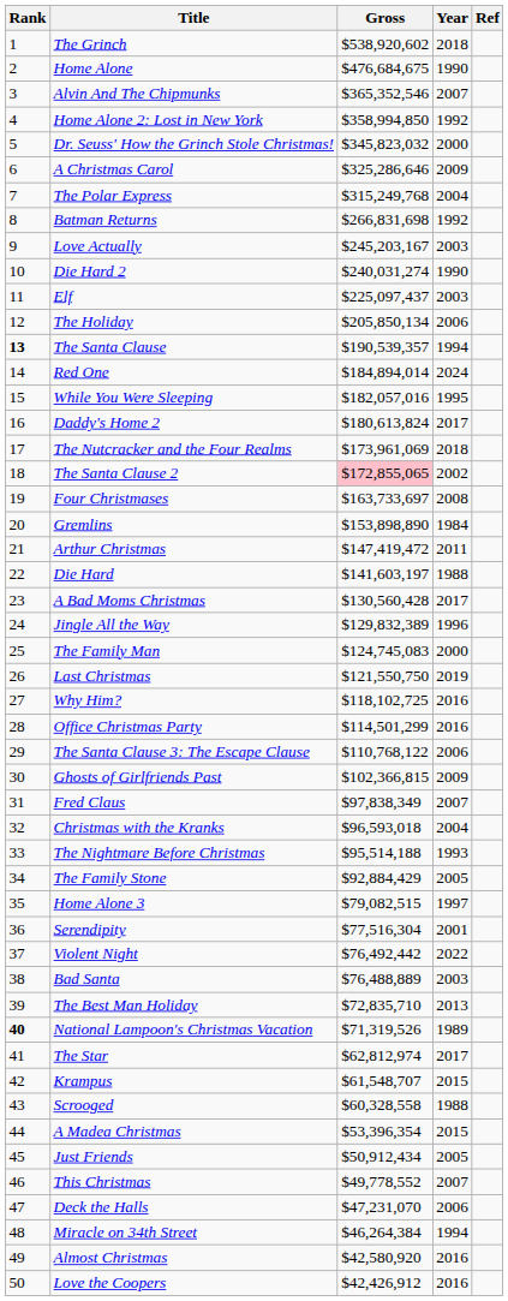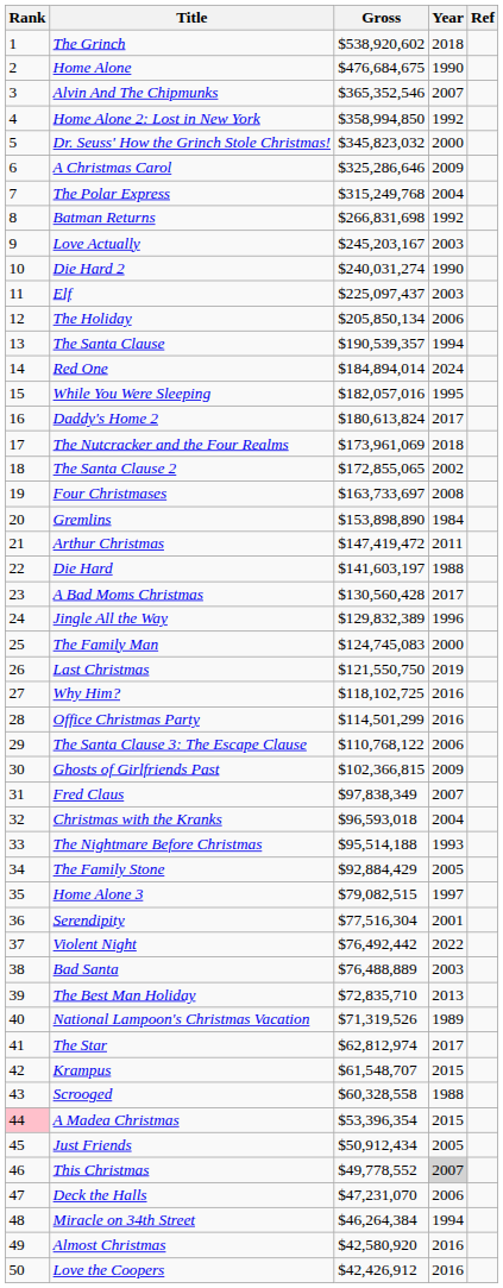 <table class="wikitable sortable">
 <tr>
 <th>Rank</th>
 <th>Title</th>
 <th>Gross</th>
 <th>Year</th>
 <th>Ref</th>
 </tr>
 <tr>
 <td>1</td>
 <td><em><a href='#'>The Grinch</a></em></td>
 <td>$538,920,602</td>
 <td>2018</td>
 <td></td>
 </tr>
 <tr>
 <td>2</td>
 <td><em><a href='#'>Home Alone</a></em></td>
 <td>$476,684,675</td>
 <td>1990</td>
 <td></td>
 </tr>
 <tr>
 <td>3</td>
 <td><em><a href='#'>Alvin And The Chipmunks</a></em></td>
 <td>$365,352,546</td>
 <td>2007</td>
 <td></td>
 </tr>
 <tr>
 <td>4</td>
 <td><em><a href='#'>Home Alone 2: Lost in New York</a></em></td>
 <td>$358,994,850</td>
 <td>1992</td>
 <td></td>
 </tr>
 <tr>
 <td>5</td>
 <td><em><a href='#'>Dr. Seuss' How the Grinch Stole Christmas!</a></em></td>
 <td>$345,823,032</td>
 <td>2000</td>
 <td></td>
 </tr>
 <tr>
 <td>6</td>
 <td><em><a href='#'>A Christmas Carol</a></em></td>
 <td>$325,286,646</td>
 <td>2009</td>
 <td></td>
 </tr>
 <tr>
 <td>7</td>
 <td><em><a href='#'>The Polar Express</a></em></td>
 <td>$315,249,768</td>
 <td>2004</td>
 <td></td>
 </tr>
 <tr>
 <td>8</td>
 <td><em><a href='#'>Batman Returns</a></em></td>
 <td>$266,831,698</td>
 <td>1992</td>
 <td></td>
 </tr>
 <tr>
 <td>9</td>
 <td><em><a href='#'>Love Actually</a></em></td>
 <td>$245,203,167</td>
 <td>2003</td>
 <td></td>
 </tr>
 <tr>
 <td>10</td>
 <td><em><a href='#'>Die Hard 2</a></em></td>
 <td>$240,031,274</td>
 <td>1990</td>
 <td></td>
 </tr>
 <tr>
 <td>11</td>
 <td><em><a href='#'>Elf</a></em></td>
 <td>$225,097,437</td>
 <td>2003</td>
 <td></td>
 </tr>
 <tr>
 <td>12</td>
 <td><em><a href='#'>The Holiday</a></em></td>
 <td>$205,850,134</td>
 <td>2006</td>
 <td></td>
 </tr>
 <tr>
-<td><strong>13</strong></td>
+<td>13</td>
 <td><em><a href='#'>The Santa Clause</a></em></td>
 <td>$190,539,357</td>
 <td>1994</td>
 <td></td>
 </tr>
 <tr>
 <td>14</td>
 <td><em><a href='#'>Red One</a></em></td>
 <td>$184,894,014</td>
 <td>2024</td>
 <td></td>
 </tr>
 <tr>
 <td>15</td>
 <td><em><a href='#'>While You Were Sleeping</a></em></td>
 <td>$182,057,016</td>
 <td>1995</td>
 <td></td>
 </tr>
 <tr>
 <td>16</td>
 <td><em><a href='#'>Daddy's Home 2</a></em></td>
 <td>$180,613,824</td>
 <td>2017</td>
 <td></td>
 </tr>
 <tr>
 <td>17</td>
 <td><em><a href='#'>The Nutcracker and the Four Realms</a></em></td>
 <td>$173,961,069</td>
 <td>2018</td>
 <td></td>
 </tr>
 <tr>
 <td>18</td>
 <td><em><a href='#'>The Santa Clause 2</a></em></td>
-<td style="background: pink;">$172,855,065</td>
+<td>$172,855,065</td>
 <td>2002</td>
 <td></td>
 </tr>
 <tr>
 <td>19</td>
 <td><em><a href='#'>Four Christmases</a></em></td>
 <td>$163,733,697</td>
 <td>2008</td>
 <td></td>
 </tr>
 <tr>
 <td>20</td>
 <td><em><a href='#'>Gremlins</a></em></td>
 <td>$153,898,890</td>
 <td>1984</td>
 <td></td>
 </tr>
 <tr>
 <td>21</td>
 <td><em><a href='#'>Arthur Christmas</a></em></td>
 <td>$147,419,472</td>
 <td>2011</td>
 <td></td>
 </tr>
 <tr>
 <td>22</td>
 <td><em><a href='#'>Die Hard</a></em></td>
 <td>$141,603,197</td>
 <td>1988</td>
 <td></td>
 </tr>
 <tr>
 <td>23</td>
 <td><em><a href='#'>A Bad Moms Christmas</a></em></td>
 <td>$130,560,428</td>
 <td>2017</td>
 <td></td>
 </tr>
 <tr>
 <td>24</td>
 <td><em><a href='#'>Jingle All the Way</a></em></td>
 <td>$129,832,389</td>
 <td>1996</td>
 <td></td>
 </tr>
 <tr>
 <td>25</td>
 <td><em><a href='#'>The Family Man</a></em></td>
 <td>$124,745,083</td>
 <td>2000</td>
 <td></td>
 </tr>
 <tr>
 <td>26</td>
 <td><em><a href='#'>Last Christmas</a></em></td>
 <td>$121,550,750</td>
 <td>2019</td>
 <td></td>
 </tr>
 <tr>
 <td>27</td>
 <td><em><a href='#'>Why Him?</a></em></td>
 <td>$118,102,725</td>
 <td>2016</td>
 <td></td>
 </tr>
 <tr>
 <td>28</td>
 <td><em><a href='#'>Office Christmas Party</a></em></td>
 <td>$114,501,299</td>
 <td>2016</td>
 <td></td>
 </tr>
 <tr>
 <td>29</td>
 <td><em><a href='#'>The Santa Clause 3: The Escape Clause</a></em></td>
 <td>$110,768,122</td>
 <td>2006</td>
 <td></td>
 </tr>
 <tr>
 <td>30</td>
 <td><em><a href='#'>Ghosts of Girlfriends Past</a></em></td>
 <td>$102,366,815</td>
 <td>2009</td>
 <td></td>
 </tr>
 <tr>
 <td>31</td>
 <td><em><a href='#'>Fred Claus</a></em></td>
 <td>$97,838,349</td>
 <td>2007</td>
 <td></td>
 </tr>
 <tr>
 <td>32</td>
 <td><em><a href='#'>Christmas with the Kranks</a></em></td>
 <td>$96,593,018</td>
 <td>2004</td>
 <td></td>
 </tr>
 <tr>
 <td>33</td>
 <td><em><a href='#'>The Nightmare Before Christmas</a></em></td>
 <td>$95,514,188</td>
 <td>1993</td>
 <td></td>
 </tr>
 <tr>
 <td>34</td>
 <td><em><a href='#'>The Family Stone</a></em></td>
 <td>$92,884,429</td>
 <td>2005</td>
 <td></td>
 </tr>
 <tr>
 <td>35</td>
 <td><em><a href='#'>Home Alone 3</a></em></td>
 <td>$79,082,515</td>
 <td>1997</td>
 <td></td>
 </tr>
 <tr>
 <td>36</td>
 <td><em><a href='#'>Serendipity</a></em></td>
 <td>$77,516,304</td>
 <td>2001</td>
 <td></td>
 </tr>
 <tr>
 <td>37</td>
 <td><em><a href='#'>Violent Night</a></em></td>
 <td>$76,492,442</td>
 <td>2022</td>
 <td></td>
 </tr>
 <tr>
 <td>38</td>
 <td><em><a href='#'>Bad Santa</a></em></td>
 <td>$76,488,889</td>
 <td>2003</td>
 <td></td>
 </tr>
 <tr>
 <td>39</td>
 <td><em><a href='#'>The Best Man Holiday</a></em></td>
 <td>$72,835,710</td>
 <td>2013</td>
 <td></td>
 </tr>
 <tr>
-<td><strong>40</strong></td>
+<td>40</td>
 <td><em><a href='#'>National Lampoon's Christmas Vacation</a></em></td>
 <td>$71,319,526</td>
 <td>1989</td>
 <td></td>
 </tr>
 <tr>
 <td>41</td>
 <td><em><a href='#'>The Star</a></em></td>
 <td>$62,812,974</td>
 <td>2017</td>
 <td></td>
 </tr>
 <tr>
 <td>42</td>
 <td><em><a href='#'>Krampus</a></em></td>
 <td>$61,548,707</td>
 <td>2015</td>
 <td></td>
 </tr>
 <tr>
 <td>43</td>
 <td><em><a href='#'>Scrooged</a></em></td>
 <td>$60,328,558</td>
 <td>1988</td>
 <td></td>
 </tr>
 <tr>
-<td>44</td>
+<td style="background: pink;">44</td>
 <td><em><a href='#'>A Madea Christmas</a></em></td>
 <td>$53,396,354</td>
 <td>2015</td>
 <td></td>
 </tr>
 <tr>
 <td>45</td>
 <td><em><a href='#'>Just Friends</a></em></td>
 <td>$50,912,434</td>
 <td>2005</td>
 <td></td>
 </tr>
 <tr>
 <td>46</td>
 <td><em><a href='#'>This Christmas</a></em></td>
 <td>$49,778,552</td>
-<td>2007</td>
+<td style="background: lightgrey;">2007</td>
 <td></td>
 </tr>
 <tr>
 <td>47</td>
 <td><em><a href='#'>Deck the Halls</a></em></td>
 <td>$47,231,070</td>
 <td>2006</td>
 <td></td>
 </tr>
 <tr>
 <td>48</td>
 <td><em><a href='#'>Miracle on 34th Street</a></em></td>
 <td>$46,264,384</td>
 <td>1994</td>
 <td></td>
 </tr>
 <tr>
 <td>49</td>
 <td><em><a href='#'>Almost Christmas</a></em></td>
 <td>$42,580,920</td>
 <td>2016</td>
 <td></td>
 </tr>
 <tr>
 <td>50</td>
 <td><em><a href='#'>Love the Coopers</a></em></td>
 <td>$42,426,912</td>
 <td>2016</td>
 <td></td>
 </tr>
 </table>
